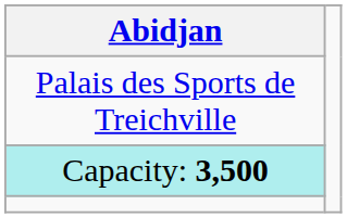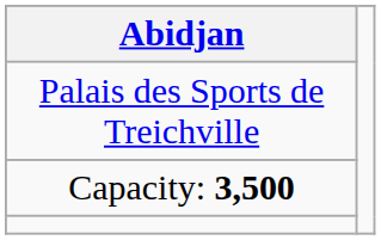 <table class="wikitable" style="text-align:center" align=center>
 <tr>
 <th><a href='#'>Abidjan</a></th>
 <td rowspan=4></td>
 </tr>
 <tr>
 <td width=150px><a href='#'>Palais des Sports de Treichville</a></td>
 </tr>
 <tr>
-<td style="background: paleturquoise;">Capacity: <strong>3,500</strong></td>
+<td>Capacity: <strong>3,500</strong></td>
 </tr>
 <tr>
 <td></td>
 </tr>
 </table>
